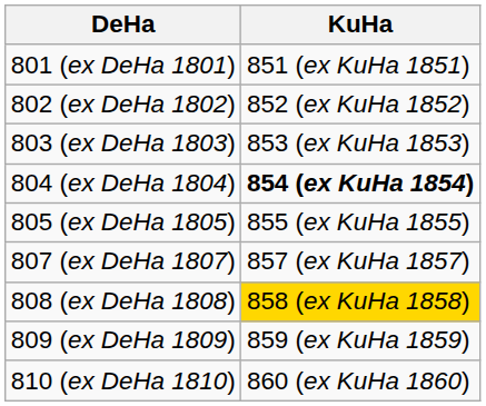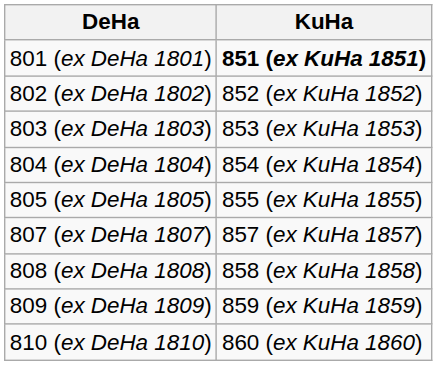 <table class="wikitable">
 <tr>
 <th>DeHa</th>
 <th>KuHa</th>
 </tr>
 <tr>
 <td>801 (<em>ex DeHa 1801</em>)</td>
-<td>851 (<em>ex KuHa 1851</em>)</td>
+<td><strong>851 (<em>ex KuHa 1851</em>)</strong></td>
 </tr>
 <tr>
 <td>802 (<em>ex DeHa 1802</em>)</td>
 <td>852 (<em>ex KuHa 1852</em>)</td>
 </tr>
 <tr>
 <td>803 (<em>ex DeHa 1803</em>)</td>
 <td>853 (<em>ex KuHa 1853</em>)</td>
 </tr>
 <tr>
 <td>804 (<em>ex DeHa 1804</em>)</td>
-<td><strong>854 (<em>ex KuHa 1854</em>)</strong></td>
+<td>854 (<em>ex KuHa 1854</em>)</td>
 </tr>
 <tr>
 <td>805 (<em>ex DeHa 1805</em>)</td>
 <td>855 (<em>ex KuHa 1855</em>)</td>
 </tr>
 <tr>
 <td>807 (<em>ex DeHa 1807</em>)</td>
 <td>857 (<em>ex KuHa 1857</em>)</td>
 </tr>
 <tr>
 <td>808 (<em>ex DeHa 1808</em>)</td>
-<td style="background: gold;">858 (<em>ex KuHa 1858</em>)</td>
+<td>858 (<em>ex KuHa 1858</em>)</td>
 </tr>
 <tr>
 <td>809 (<em>ex DeHa 1809</em>)</td>
 <td>859 (<em>ex KuHa 1859</em>)</td>
 </tr>
 <tr>
 <td>810 (<em>ex DeHa 1810</em>)</td>
 <td>860 (<em>ex KuHa 1860</em>)</td>
 </tr>
 </table>
